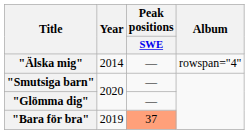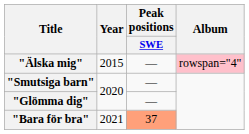 <table class="wikitable plainrowheaders" style="text-align:center">
 <tr>
 <th scope="col" rowspan="2">Title</th>
 <th scope="col" rowspan="2">Year</th>
 <th scope="col" colspan="1">Peak positions</th>
 <th scope="col" rowspan="2">Album</th>
 </tr>
 <tr>
 <th scope="col" style="width:3em;font-size:90%;"><a href='#'>SWE</a><br></th>
 </tr>
 <tr>
 <th scope="row">"Älska mig"<br></th>
-<td>2014</td>
+<td>2015</td>
 <td>—</td>
-<td>rowspan="4"</td>
+<td style="background: pink;">rowspan="4"</td>
 </tr>
 <tr>
 <th scope="row">"Smutsiga barn"<br></th>
 <td rowspan="2">2020</td>
 <td>—</td>
 </tr>
 <tr>
 <th scope="row">"Glömma dig"<br></th>
 <td>—</td>
 </tr>
 <tr>
 <th scope="row">"Bara för bra"<br></th>
-<td>2019</td>
+<td>2021</td>
 <td style="background: lightsalmon;">37</td>
 </tr>
 </table>
